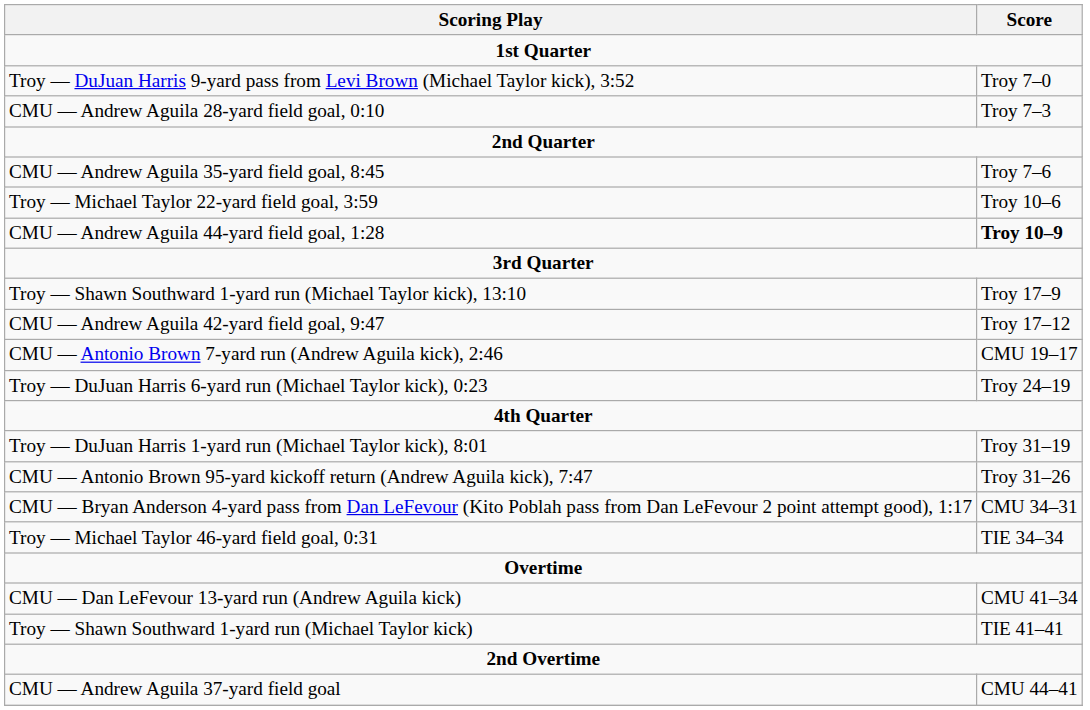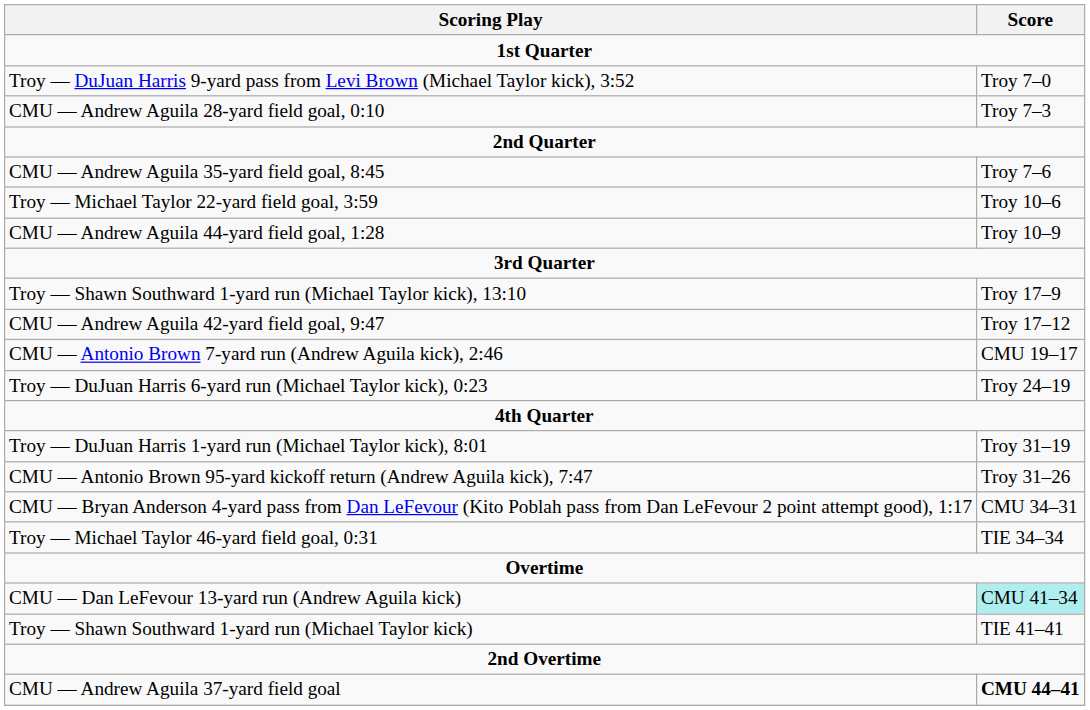 <table class="wikitable">
 <tr>
 <th>Scoring Play</th>
 <th>Score</th>
 </tr>
 <tr>
 <td colspan="4" align="center"><strong>1st Quarter</strong></td>
 </tr>
 <tr>
 <td>Troy — <a href='#'>DuJuan Harris</a> 9-yard pass from <a href='#'>Levi Brown</a> (Michael Taylor kick), 3:52</td>
 <td>Troy 7–0</td>
 </tr>
 <tr>
 <td>CMU — Andrew Aguila 28-yard field goal, 0:10</td>
 <td>Troy 7–3</td>
 </tr>
 <tr>
 <td colspan="4" align="center"><strong>2nd Quarter</strong></td>
 </tr>
 <tr>
 <td>CMU — Andrew Aguila 35-yard field goal, 8:45</td>
 <td>Troy 7–6</td>
 </tr>
 <tr>
 <td>Troy — Michael Taylor 22-yard field goal, 3:59</td>
 <td>Troy 10–6</td>
 </tr>
 <tr>
 <td>CMU — Andrew Aguila 44-yard field goal, 1:28</td>
-<td><strong>Troy 10–9</strong></td>
+<td>Troy 10–9</td>
 </tr>
 <tr>
 <td colspan="4" align="center"><strong>3rd Quarter</strong></td>
 </tr>
 <tr>
 <td>Troy — Shawn Southward 1-yard run (Michael Taylor kick), 13:10</td>
 <td>Troy 17–9</td>
 </tr>
 <tr>
 <td>CMU — Andrew Aguila 42-yard field goal, 9:47</td>
 <td>Troy 17–12</td>
 </tr>
 <tr>
 <td>CMU — <a href='#'>Antonio Brown</a> 7-yard run (Andrew Aguila kick), 2:46</td>
 <td>CMU 19–17</td>
 </tr>
 <tr>
 <td>Troy — DuJuan Harris 6-yard run (Michael Taylor kick), 0:23</td>
 <td>Troy 24–19</td>
 </tr>
 <tr>
 <td colspan="4" align="center"><strong>4th Quarter</strong></td>
 </tr>
 <tr>
 <td>Troy — DuJuan Harris 1-yard run (Michael Taylor kick), 8:01</td>
 <td>Troy 31–19</td>
 </tr>
 <tr>
 <td>CMU — Antonio Brown 95-yard kickoff return (Andrew Aguila kick), 7:47</td>
 <td>Troy 31–26</td>
 </tr>
 <tr>
 <td>CMU — Bryan Anderson 4-yard pass from <a href='#'>Dan LeFevour</a> (Kito Poblah pass from Dan LeFevour 2 point attempt good), 1:17</td>
 <td>CMU 34–31</td>
 </tr>
 <tr>
 <td>Troy — Michael Taylor 46-yard field goal, 0:31</td>
 <td>TIE 34–34</td>
 </tr>
 <tr>
 <td colspan="4" align="center"><strong>Overtime</strong></td>
 </tr>
 <tr>
 <td>CMU — Dan LeFevour 13-yard run (Andrew Aguila kick)</td>
-<td>CMU 41–34</td>
+<td style="background: paleturquoise;">CMU 41–34</td>
 </tr>
 <tr>
 <td>Troy — Shawn Southward 1-yard run (Michael Taylor kick)</td>
 <td>TIE 41–41</td>
 </tr>
 <tr>
 <td colspan="4" align="center"><strong>2nd Overtime</strong></td>
 </tr>
 <tr>
 <td>CMU — Andrew Aguila 37-yard field goal</td>
-<td>CMU 44–41</td>
+<td><strong>CMU 44–41</strong></td>
 </tr>
 <tr>
 </tr>
 </table>
